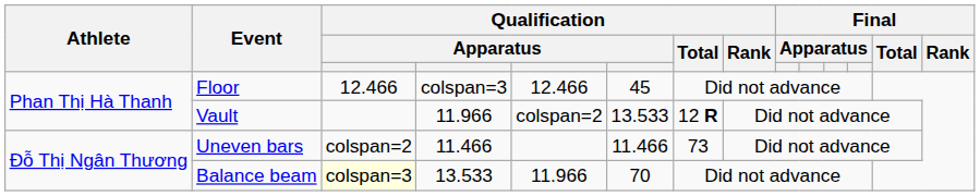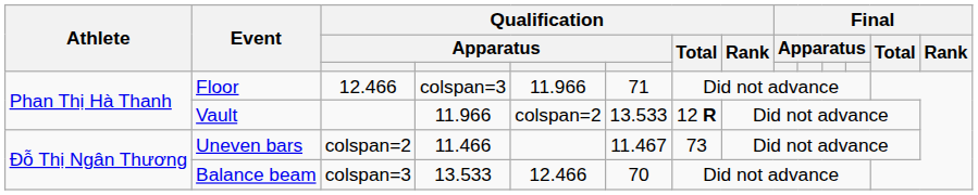 <table class="wikitable" style="font-size:90%">
 <tr>
 <th rowspan=3>Athlete</th>
 <th rowspan=3>Event</th>
 <th colspan =6>Qualification</th>
 <th colspan =6>Final</th>
 </tr>
 <tr style="font-size:95%">
 <th colspan=4>Apparatus</th>
 <th rowspan=2>Total</th>
 <th rowspan=2>Rank</th>
 <th colspan=4>Apparatus</th>
 <th rowspan=2>Total</th>
 <th rowspan=2>Rank</th>
 </tr>
 <tr style="font-size:95%">
 <th></th>
 <th></th>
 <th></th>
 <th></th>
 <th></th>
 <th></th>
 <th></th>
 <th></th>
 </tr>
 <tr align=center>
 <td align=left rowspan=2><a href='#'>Phan Thị Hà Thanh</a></td>
 <td align=left><a href='#'>Floor</a></td>
 <td>12.466</td>
 <td>colspan=3 </td>
-<td>12.466</td>
-<td>45</td>
+<td>11.966</td>
+<td>71</td>
 <td colspan="6">Did not advance</td>
 </tr>
 <tr align=center>
 <td align=left><a href='#'>Vault</a></td>
 <td></td>
 <td>11.966</td>
 <td>colspan=2 </td>
 <td>13.533</td>
 <td>12 <strong>R</strong></td>
 <td colspan="6">Did not advance</td>
 </tr>
 <tr align=center>
 <td align=left rowspan=2><a href='#'>Đỗ Thị Ngân Thương</a></td>
 <td align=left><a href='#'>Uneven bars</a></td>
 <td>colspan=2 </td>
 <td>11.466</td>
 <td></td>
-<td>11.466</td>
+<td>11.467</td>
 <td>73</td>
 <td colspan=6>Did not advance</td>
 </tr>
 <tr align=center>
 <td align=left><a href='#'>Balance beam</a></td>
-<td style="background: lightyellow;">colspan=3 </td>
+<td>colspan=3 </td>
 <td>13.533</td>
-<td>11.966</td>
+<td>12.466</td>
 <td>70</td>
 <td colspan=6>Did not advance</td>
 </tr>
 </table>
